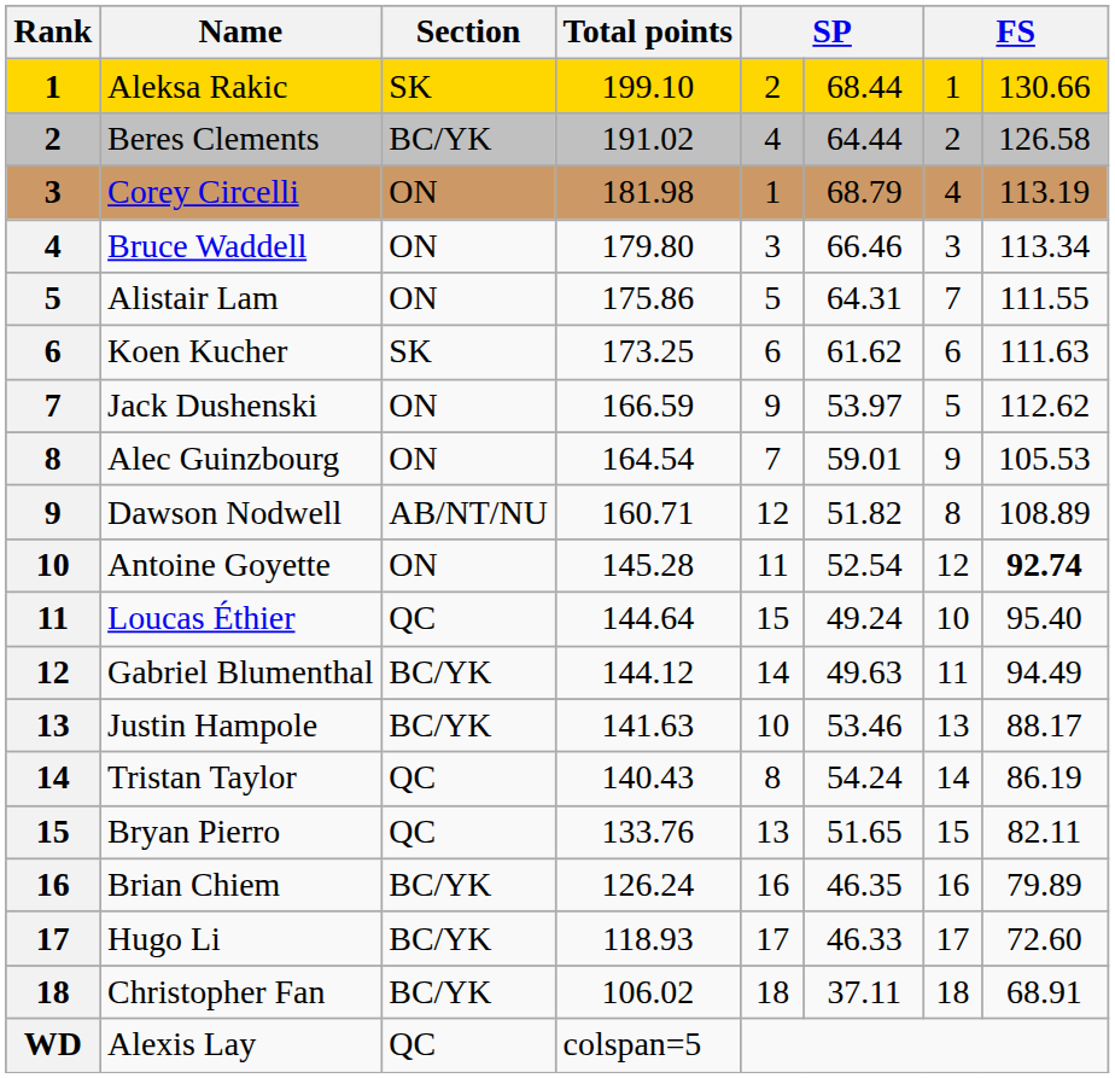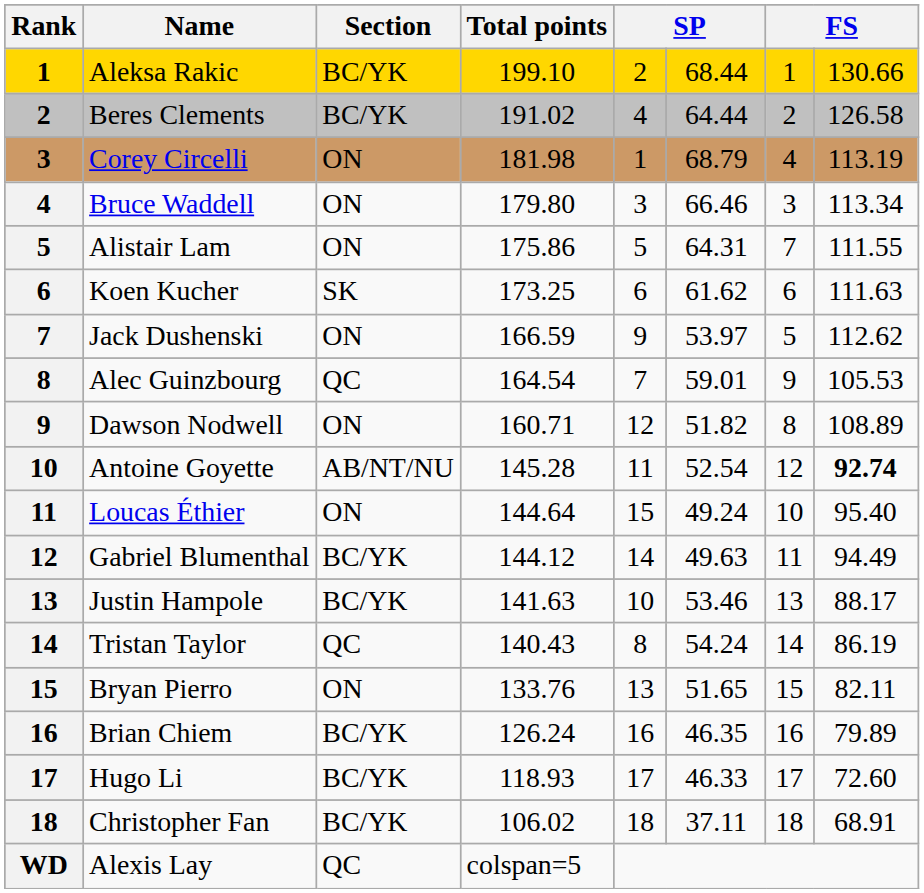 <table class="wikitable sortable">
 <tr>
 <th>Rank</th>
 <th>Name</th>
 <th>Section</th>
 <th>Total points</th>
 <th colspan="2" width="80px"><a href='#'>SP</a></th>
 <th colspan="2" width="80px"><a href='#'>FS</a></th>
 </tr>
 <tr bgcolor="gold">
 <td align="center"><strong>1</strong></td>
 <td>Aleksa Rakic</td>
-<td>SK</td>
+<td>BC/YK</td>
 <td align="center">199.10</td>
 <td align="center">2</td>
 <td align="center">68.44</td>
 <td align="center">1</td>
 <td align="center">130.66</td>
 </tr>
 <tr bgcolor="silver">
 <td align="center"><strong>2</strong></td>
 <td>Beres Clements</td>
 <td>BC/YK</td>
 <td align="center">191.02</td>
 <td align="center">4</td>
 <td align="center">64.44</td>
 <td align="center">2</td>
 <td align="center">126.58</td>
 </tr>
 <tr bgcolor="cc9966">
 <td align="center"><strong>3</strong></td>
 <td><a href='#'>Corey Circelli</a></td>
 <td>ON</td>
 <td align="center">181.98</td>
 <td align="center">1</td>
 <td align="center">68.79</td>
 <td align="center">4</td>
 <td align="center">113.19</td>
 </tr>
 <tr>
 <th>4</th>
 <td><a href='#'>Bruce Waddell</a></td>
 <td>ON</td>
 <td align="center">179.80</td>
 <td align="center">3</td>
 <td align="center">66.46</td>
 <td align="center">3</td>
 <td align="center">113.34</td>
 </tr>
 <tr>
 <th>5</th>
 <td>Alistair Lam</td>
 <td>ON</td>
 <td align="center">175.86</td>
 <td align="center">5</td>
 <td align="center">64.31</td>
 <td align="center">7</td>
 <td align="center">111.55</td>
 </tr>
 <tr>
 <th>6</th>
 <td>Koen Kucher</td>
 <td>SK</td>
 <td align="center">173.25</td>
 <td align="center">6</td>
 <td align="center">61.62</td>
 <td align="center">6</td>
 <td align="center">111.63</td>
 </tr>
 <tr>
 <th>7</th>
 <td>Jack Dushenski</td>
 <td>ON</td>
 <td align="center">166.59</td>
 <td align="center">9</td>
 <td align="center">53.97</td>
 <td align="center">5</td>
 <td align="center">112.62</td>
 </tr>
 <tr>
 <th>8</th>
 <td>Alec Guinzbourg</td>
-<td>ON</td>
+<td>QC</td>
 <td align="center">164.54</td>
 <td align="center">7</td>
 <td align="center">59.01</td>
 <td align="center">9</td>
 <td align="center">105.53</td>
 </tr>
 <tr>
 <th>9</th>
 <td>Dawson Nodwell</td>
-<td>AB/NT/NU</td>
+<td>ON</td>
 <td align="center">160.71</td>
 <td align="center">12</td>
 <td align="center">51.82</td>
 <td align="center">8</td>
 <td align="center">108.89</td>
 </tr>
 <tr>
 <th>10</th>
 <td>Antoine Goyette</td>
-<td>ON</td>
+<td>AB/NT/NU</td>
 <td align="center">145.28</td>
 <td align="center">11</td>
 <td align="center">52.54</td>
 <td align="center">12</td>
 <td align="center"><strong>92.74</strong></td>
 </tr>
 <tr>
 <th>11</th>
 <td><a href='#'>Loucas Éthier</a></td>
-<td>QC</td>
+<td>ON</td>
 <td align="center">144.64</td>
 <td align="center">15</td>
 <td align="center">49.24</td>
 <td align="center">10</td>
 <td align="center">95.40</td>
 </tr>
 <tr>
 <th>12</th>
 <td>Gabriel Blumenthal</td>
 <td>BC/YK</td>
 <td align="center">144.12</td>
 <td align="center">14</td>
 <td align="center">49.63</td>
 <td align="center">11</td>
 <td align="center">94.49</td>
 </tr>
 <tr>
 <th>13</th>
 <td>Justin Hampole</td>
 <td>BC/YK</td>
 <td align="center">141.63</td>
 <td align="center">10</td>
 <td align="center">53.46</td>
 <td align="center">13</td>
 <td align="center">88.17</td>
 </tr>
 <tr>
 <th>14</th>
 <td>Tristan Taylor</td>
 <td>QC</td>
 <td align="center">140.43</td>
 <td align="center">8</td>
 <td align="center">54.24</td>
 <td align="center">14</td>
 <td align="center">86.19</td>
 </tr>
 <tr>
 <th>15</th>
 <td>Bryan Pierro</td>
-<td>QC</td>
+<td>ON</td>
 <td align="center">133.76</td>
 <td align="center">13</td>
 <td align="center">51.65</td>
 <td align="center">15</td>
 <td align="center">82.11</td>
 </tr>
 <tr>
 <th>16</th>
 <td>Brian Chiem</td>
 <td>BC/YK</td>
 <td align="center">126.24</td>
 <td align="center">16</td>
 <td align="center">46.35</td>
 <td align="center">16</td>
 <td align="center">79.89</td>
 </tr>
 <tr>
 <th>17</th>
 <td>Hugo Li</td>
 <td>BC/YK</td>
 <td align="center">118.93</td>
 <td align="center">17</td>
 <td align="center">46.33</td>
 <td align="center">17</td>
 <td align="center">72.60</td>
 </tr>
 <tr>
 <th>18</th>
 <td>Christopher Fan</td>
 <td>BC/YK</td>
 <td align="center">106.02</td>
 <td align="center">18</td>
 <td align="center">37.11</td>
 <td align="center">18</td>
 <td align="center">68.91</td>
 </tr>
 <tr>
 <th>WD</th>
 <td>Alexis Lay</td>
 <td>QC</td>
 <td>colspan=5 </td>
 </tr>
 </table>
